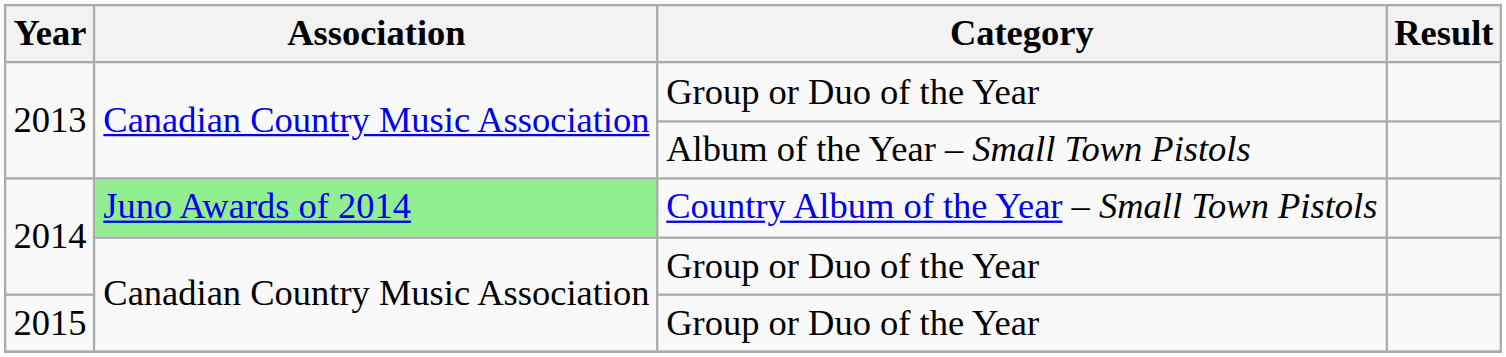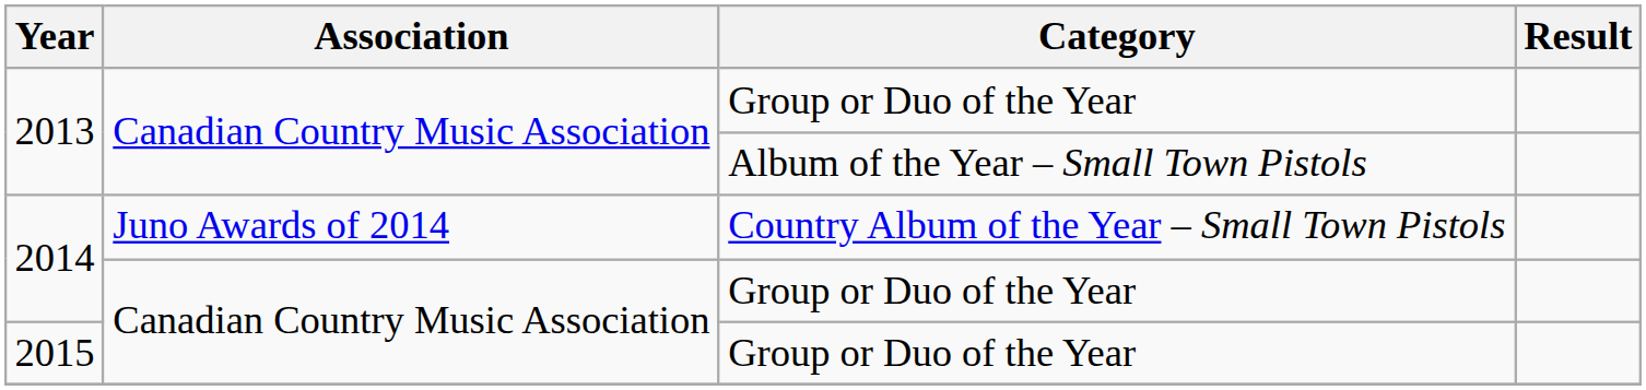 <table class="wikitable">
 <tr>
 <th>Year</th>
 <th>Association</th>
 <th>Category</th>
 <th>Result</th>
 </tr>
 <tr>
 <td rowspan="2">2013</td>
 <td rowspan="2"><a href='#'>Canadian Country Music Association</a></td>
 <td>Group or Duo of the Year</td>
 <td></td>
 </tr>
 <tr>
 <td>Album of the Year – <em>Small Town Pistols</em></td>
 <td></td>
 </tr>
 <tr>
 <td rowspan="2">2014</td>
-<td style="background: lightgreen;"><a href='#'>Juno Awards of 2014</a></td>
+<td><a href='#'>Juno Awards of 2014</a></td>
 <td><a href='#'>Country Album of the Year</a> – <em>Small Town Pistols</em></td>
 <td></td>
 </tr>
 <tr>
 <td rowspan="2">Canadian Country Music Association</td>
 <td>Group or Duo of the Year</td>
 <td></td>
 </tr>
 <tr>
 <td>2015</td>
 <td>Group or Duo of the Year</td>
 <td></td>
 </tr>
 <tr>
 </tr>
 </table>
